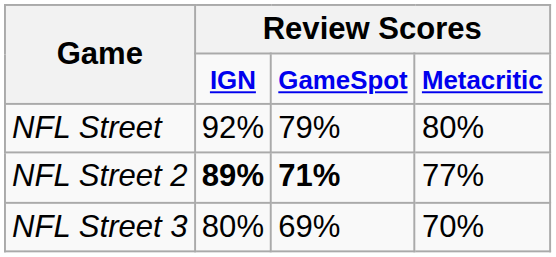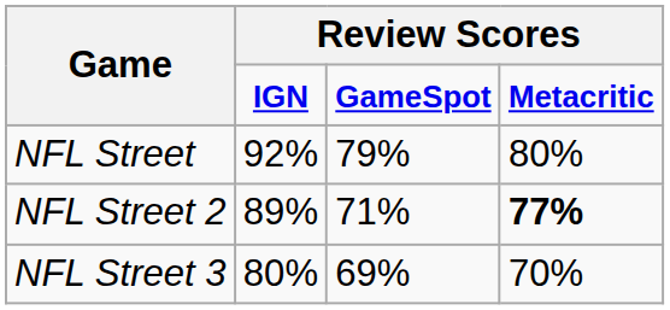 <table class="wikitable">
 <tr>
 <th rowspan="2">Game</th>
 <th colspan="4">Review Scores</th>
 </tr>
 <tr style="text-align:center;">
 <td><small><strong><a href='#'>IGN</a></strong></small></td>
 <td><small><strong><a href='#'>GameSpot</a></strong></small></td>
 <td><small><strong><a href='#'>Metacritic</a></strong></small></td>
 </tr>
 <tr>
 <td><em>NFL Street</em></td>
 <td>92%</td>
 <td>79%</td>
 <td>80%</td>
 </tr>
 <tr>
 <td><em>NFL Street 2</em></td>
-<td><strong>89%</strong></td>
-<td><strong>71%</strong></td>
-<td>77%</td>
+<td>89%</td>
+<td>71%</td>
+<td><strong>77%</strong></td>
 </tr>
 <tr>
 <td><em>NFL Street 3</em></td>
 <td>80%</td>
 <td>69%</td>
 <td>70%</td>
 </tr>
 </table>
